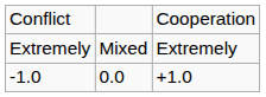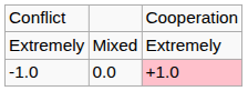 <table class="wikitable">
 <tr>
 <td>Conflict</td>
 <td></td>
 <td>Cooperation</td>
 </tr>
 <tr>
 <td>Extremely</td>
 <td>Mixed</td>
 <td>Extremely</td>
 </tr>
 <tr>
 <td>-1.0</td>
 <td>0.0</td>
-<td>+1.0</td>
+<td style="background: pink;">+1.0</td>
 </tr>
 </table>
